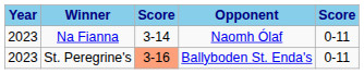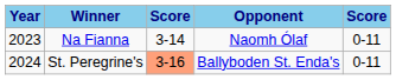 <table class="wikitable" style="text-align:center;">
 <tr>
 <th style="background:skyblue;color:navy;">Year</th>
 <th style="background:skyblue;color:navy;">Winner</th>
 <th style="background:skyblue;color:navy;">Score</th>
 <th style="background:skyblue;color:navy;">Opponent</th>
 <th style="background:skyblue;color:navy;">Score</th>
 </tr>
 <tr>
 <td>2023</td>
 <td><a href='#'>Na Fianna</a></td>
 <td>3-14</td>
 <td><a href='#'>Naomh Ólaf</a></td>
 <td>0-11</td>
 </tr>
 <tr>
-<td>2023</td>
+<td>2024</td>
 <td>St. Peregrine's</td>
 <td style="background: lightsalmon;">3-16</td>
 <td><a href='#'>Ballyboden St. Enda's</a></td>
 <td>0-11</td>
 </tr>
 </table>
